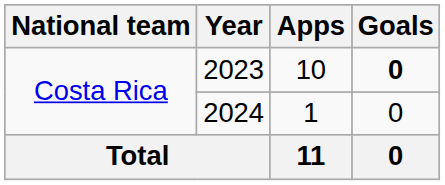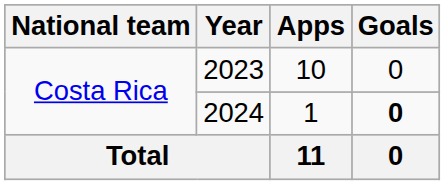 <table class="wikitable" style="text-align:center">
 <tr>
 <th>National team</th>
 <th>Year</th>
 <th>Apps</th>
 <th>Goals</th>
 </tr>
 <tr>
 <td rowspan="2"><a href='#'>Costa Rica</a></td>
 <td>2023</td>
 <td>10</td>
-<td><strong>0</strong></td>
+<td>0</td>
 </tr>
 <tr>
 <td>2024</td>
 <td>1</td>
-<td>0</td>
+<td><strong>0</strong></td>
 </tr>
 <tr>
 <th colspan="2">Total</th>
 <th>11</th>
 <th>0</th>
 </tr>
 </table>
